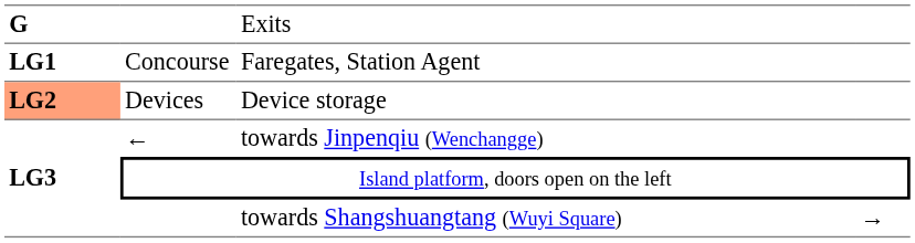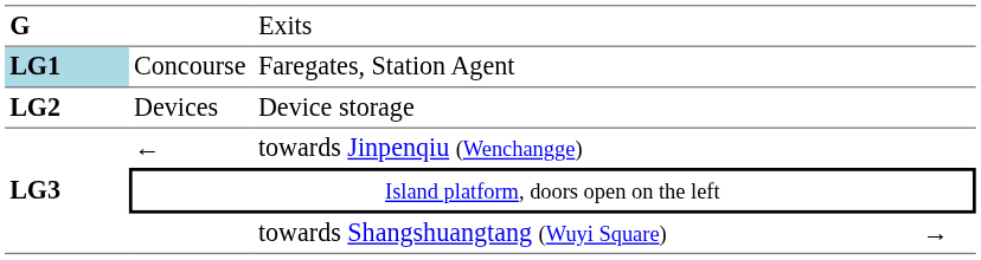 <table table border=0 cellspacing=0 cellpadding=3>
 <tr>
 <td style="border-bottom:solid 1px gray; border-top:solid 1px gray;" valign=top><strong>G</strong></td>
 <td style="border-bottom:solid 1px gray; border-top:solid 1px gray;" valign=top></td>
 <td style="border-bottom:solid 1px gray; border-top:solid 1px gray;" valign=top>Exits</td>
 <td style="border-bottom:solid 1px gray; border-top:solid 1px gray;" valign=top></td>
 </tr>
 <tr>
-<td style="border-bottom:solid 1px gray;" width=70><strong>LG1</strong></td>
+<td style="background: lightblue; border-bottom:solid 1px gray;" width=70><strong>LG1</strong></td>
 <td style="border-bottom:solid 1px gray;" width=70>Concourse</td>
 <td style="border-bottom:solid 1px gray;" width=400>Faregates, Station Agent</td>
 <td style="border-bottom:solid 1px gray;" width=30></td>
 </tr>
 <tr>
-<td style="background: lightsalmon; border-bottom:solid 1px gray;" width=70><strong>LG2</strong></td>
+<td style="border-bottom:solid 1px gray;" width=70><strong>LG2</strong></td>
 <td style="border-bottom:solid 1px gray;" width=70>Devices</td>
 <td style="border-bottom:solid 1px gray;" width=400>Device storage</td>
 <td style="border-bottom:solid 1px gray;" width=30></td>
 </tr>
 <tr>
 <td style="border-bottom:solid 1px gray;" rowspan=3><strong>LG3</strong></td>
 <td>←</td>
 <td> towards <a href='#'>Jinpenqiu</a> <small>(<a href='#'>Wenchangge</a>)</small></td>
 <td></td>
 </tr>
 <tr>
 <td style="border-right:solid 2px black;border-left:solid 2px black;border-top:solid 2px black;border-bottom:solid 2px black;text-align:center;" colspan=3><small><a href='#'>Island platform</a>, doors open on the left</small></td>
 </tr>
 <tr>
 <td style="border-bottom:solid 1px gray;"></td>
 <td style="border-bottom:solid 1px gray;"> towards <a href='#'>Shangshuangtang</a> <small>(<a href='#'>Wuyi Square</a>)</small></td>
 <td style="border-bottom:solid 1px gray;">→</td>
 </tr>
 <tr>
 </tr>
 </table>
